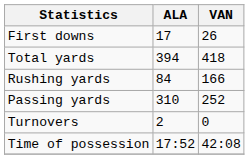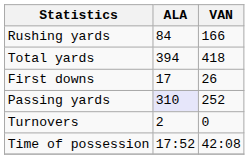 <table class="wikitable" style="float: left;">
 <tr>
 <th>Statistics</th>
 <th>ALA</th>
 <th>VAN</th>
 </tr>
 <tr>
-<td>First downs</td>
-<td>17</td>
-<td>26</td>
+<td>Rushing yards</td>
+<td>84</td>
+<td>166</td>
 </tr>
 <tr>
 <td>Total yards</td>
 <td>394</td>
 <td>418</td>
 </tr>
 <tr>
-<td>Rushing yards</td>
-<td>84</td>
-<td>166</td>
+<td>First downs</td>
+<td>17</td>
+<td>26</td>
 </tr>
 <tr>
 <td>Passing yards</td>
-<td>310</td>
+<td style="background: lavender;">310</td>
 <td>252</td>
 </tr>
 <tr>
 <td>Turnovers</td>
 <td>2</td>
 <td>0</td>
 </tr>
 <tr>
 <td>Time of possession</td>
 <td>17:52</td>
 <td>42:08</td>
 </tr>
 <tr>
 </tr>
 </table>
